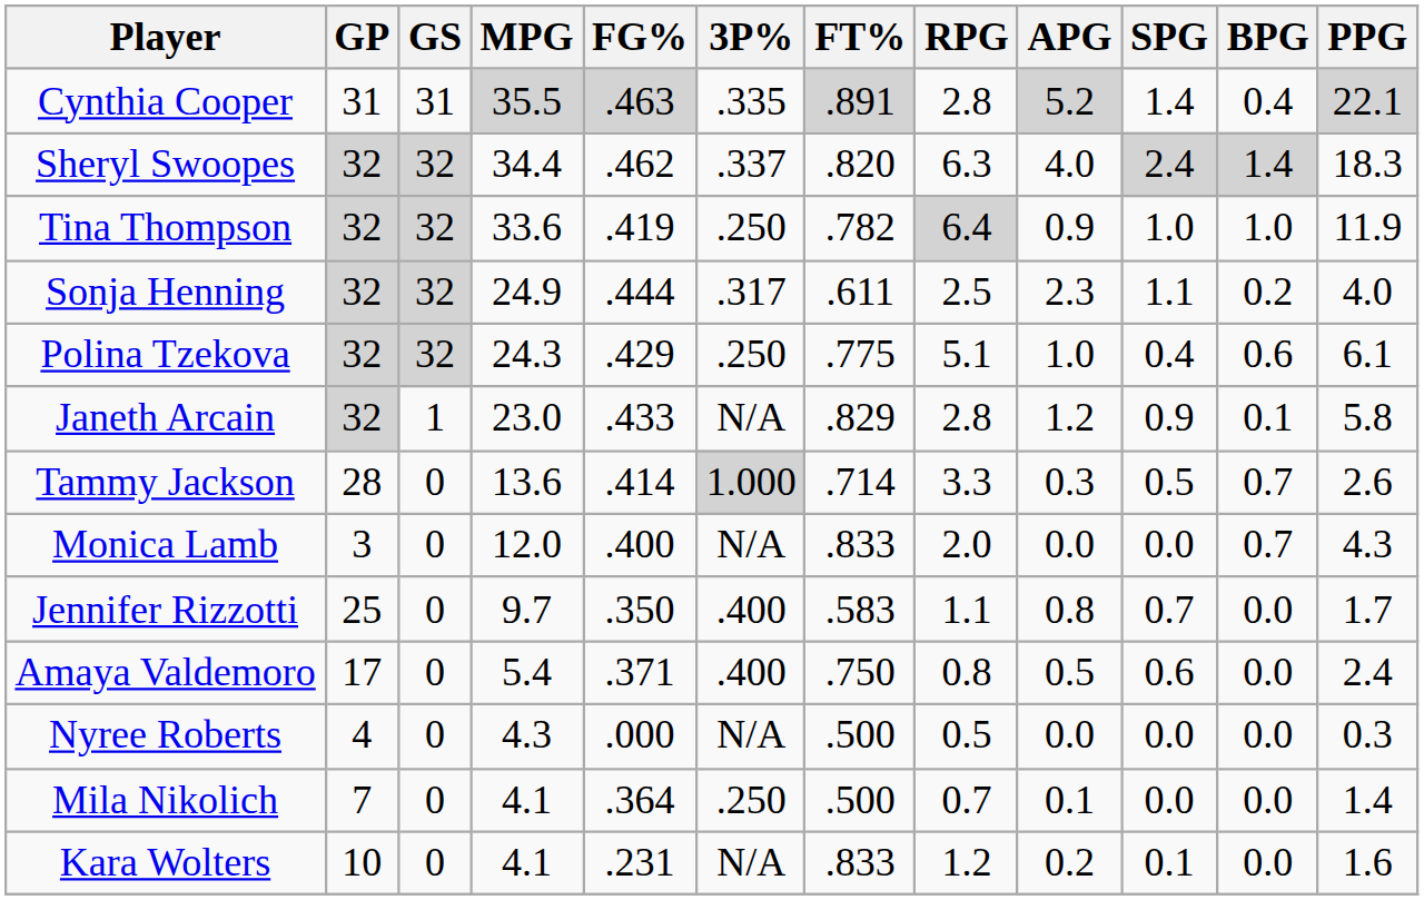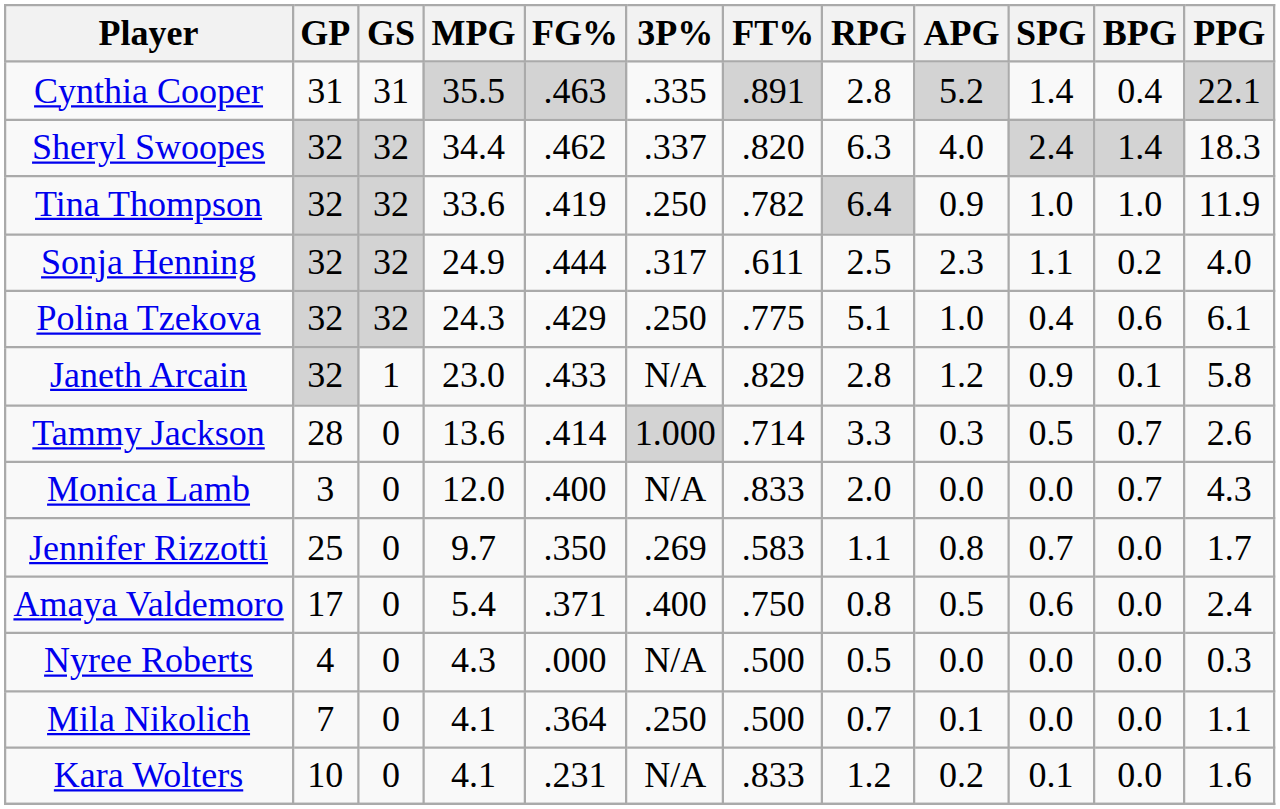 <table class="wikitable sortable" style="text-align:center;">
 <tr>
 <th>Player</th>
 <th>GP</th>
 <th>GS</th>
 <th>MPG</th>
 <th>FG%</th>
 <th>3P%</th>
 <th>FT%</th>
 <th>RPG</th>
 <th>APG</th>
 <th>SPG</th>
 <th>BPG</th>
 <th>PPG</th>
 </tr>
 <tr>
 <td><a href='#'>Cynthia Cooper</a></td>
 <td>31</td>
 <td>31</td>
 <td style="background:#D3D3D3;">35.5</td>
 <td style="background:#D3D3D3;">.463</td>
 <td>.335</td>
 <td style="background:#D3D3D3;">.891</td>
 <td>2.8</td>
 <td style="background:#D3D3D3;">5.2</td>
 <td>1.4</td>
 <td>0.4</td>
 <td style="background:#D3D3D3;">22.1</td>
 </tr>
 <tr>
 <td><a href='#'>Sheryl Swoopes</a></td>
 <td style="background:#D3D3D3;">32</td>
 <td style="background:#D3D3D3;">32</td>
 <td>34.4</td>
 <td>.462</td>
 <td>.337</td>
 <td>.820</td>
 <td>6.3</td>
 <td>4.0</td>
 <td style="background:#D3D3D3;">2.4</td>
 <td style="background:#D3D3D3;">1.4</td>
 <td>18.3</td>
 </tr>
 <tr>
 <td><a href='#'>Tina Thompson</a></td>
 <td style="background:#D3D3D3;">32</td>
 <td style="background:#D3D3D3;">32</td>
 <td>33.6</td>
 <td>.419</td>
 <td>.250</td>
 <td>.782</td>
 <td style="background:#D3D3D3;">6.4</td>
 <td>0.9</td>
 <td>1.0</td>
 <td>1.0</td>
 <td>11.9</td>
 </tr>
 <tr>
 <td><a href='#'>Sonja Henning</a></td>
 <td style="background:#D3D3D3;">32</td>
 <td style="background:#D3D3D3;">32</td>
 <td>24.9</td>
 <td>.444</td>
 <td>.317</td>
 <td>.611</td>
 <td>2.5</td>
 <td>2.3</td>
 <td>1.1</td>
 <td>0.2</td>
 <td>4.0</td>
 </tr>
 <tr>
 <td><a href='#'>Polina Tzekova</a></td>
 <td style="background:#D3D3D3;">32</td>
 <td style="background:#D3D3D3;">32</td>
 <td>24.3</td>
 <td>.429</td>
 <td>.250</td>
 <td>.775</td>
 <td>5.1</td>
 <td>1.0</td>
 <td>0.4</td>
 <td>0.6</td>
 <td>6.1</td>
 </tr>
 <tr>
 <td><a href='#'>Janeth Arcain</a></td>
 <td style="background:#D3D3D3;">32</td>
 <td>1</td>
 <td>23.0</td>
 <td>.433</td>
 <td>N/A</td>
 <td>.829</td>
 <td>2.8</td>
 <td>1.2</td>
 <td>0.9</td>
 <td>0.1</td>
 <td>5.8</td>
 </tr>
 <tr>
 <td><a href='#'>Tammy Jackson</a></td>
 <td>28</td>
 <td>0</td>
 <td>13.6</td>
 <td>.414</td>
 <td style="background:#D3D3D3;">1.000</td>
 <td>.714</td>
 <td>3.3</td>
 <td>0.3</td>
 <td>0.5</td>
 <td>0.7</td>
 <td>2.6</td>
 </tr>
 <tr>
 <td><a href='#'>Monica Lamb</a></td>
 <td>3</td>
 <td>0</td>
 <td>12.0</td>
 <td>.400</td>
 <td>N/A</td>
 <td>.833</td>
 <td>2.0</td>
 <td>0.0</td>
 <td>0.0</td>
 <td>0.7</td>
 <td>4.3</td>
 </tr>
 <tr>
 <td><a href='#'>Jennifer Rizzotti</a></td>
 <td>25</td>
 <td>0</td>
 <td>9.7</td>
 <td>.350</td>
-<td>.400</td>
+<td>.269</td>
 <td>.583</td>
 <td>1.1</td>
 <td>0.8</td>
 <td>0.7</td>
 <td>0.0</td>
 <td>1.7</td>
 </tr>
 <tr>
 <td><a href='#'>Amaya Valdemoro</a></td>
 <td>17</td>
 <td>0</td>
 <td>5.4</td>
 <td>.371</td>
 <td>.400</td>
 <td>.750</td>
 <td>0.8</td>
 <td>0.5</td>
 <td>0.6</td>
 <td>0.0</td>
 <td>2.4</td>
 </tr>
 <tr>
 <td><a href='#'>Nyree Roberts</a></td>
 <td>4</td>
 <td>0</td>
 <td>4.3</td>
 <td>.000</td>
 <td>N/A</td>
 <td>.500</td>
 <td>0.5</td>
 <td>0.0</td>
 <td>0.0</td>
 <td>0.0</td>
 <td>0.3</td>
 </tr>
 <tr>
 <td><a href='#'>Mila Nikolich</a></td>
 <td>7</td>
 <td>0</td>
 <td>4.1</td>
 <td>.364</td>
 <td>.250</td>
 <td>.500</td>
 <td>0.7</td>
 <td>0.1</td>
 <td>0.0</td>
 <td>0.0</td>
-<td>1.4</td>
+<td>1.1</td>
 </tr>
 <tr>
 <td><a href='#'>Kara Wolters</a></td>
 <td>10</td>
 <td>0</td>
 <td>4.1</td>
 <td>.231</td>
 <td>N/A</td>
 <td>.833</td>
 <td>1.2</td>
 <td>0.2</td>
 <td>0.1</td>
 <td>0.0</td>
 <td>1.6</td>
 </tr>
 <tr>
 </tr>
 </table>
